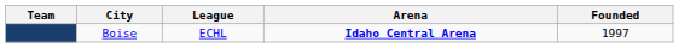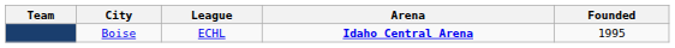 <table class="wikitable sortable" width="60%">
 <tr>
 <th>Team</th>
 <th>City</th>
 <th>League</th>
 <th>Arena</th>
 <th>Founded</th>
 </tr>
 <tr align=center>
 <td style="color:white; background:#1A3E6E; "><strong><a href='#'></a></strong></td>
 <td><a href='#'>Boise</a></td>
 <td><a href='#'>ECHL</a></td>
 <td><strong><a href='#'>Idaho Central Arena</a></strong></td>
-<td>1997</td>
+<td>1995</td>
 </tr>
 </table>
